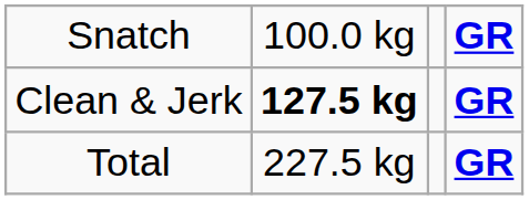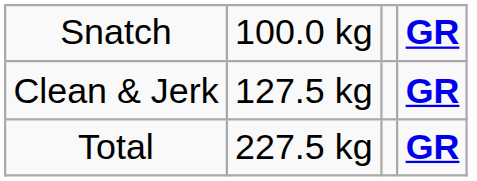 <table class = "wikitable" style="text-align:center;">
 <tr>
 <td>Snatch</td>
 <td>100.0 kg</td>
 <td align=left></td>
 <td><strong><a href='#'>GR</a></strong></td>
 </tr>
 <tr>
 <td>Clean & Jerk</td>
-<td><strong>127.5 kg</strong></td>
+<td>127.5 kg</td>
 <td align=left></td>
 <td><strong><a href='#'>GR</a></strong></td>
 </tr>
 <tr>
 <td>Total</td>
 <td>227.5 kg</td>
 <td align=left></td>
 <td><strong><a href='#'>GR</a></strong></td>
 </tr>
 </table>
